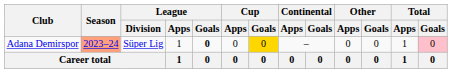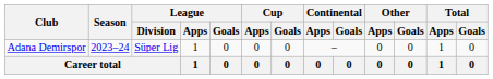 <table class="wikitable" style="text-align:center">
 <tr>
 <th rowspan="2">Club</th>
 <th rowspan="2">Season</th>
 <th colspan="3">League</th>
 <th colspan="2">Cup</th>
 <th colspan="2">Continental</th>
 <th colspan="2">Other</th>
 <th colspan="2">Total</th>
 </tr>
 <tr>
 <th>Division</th>
 <th>Apps</th>
 <th>Goals</th>
 <th>Apps</th>
 <th>Goals</th>
 <th>Apps</th>
 <th>Goals</th>
 <th>Apps</th>
 <th>Goals</th>
 <th>Apps</th>
 <th>Goals</th>
 </tr>
 <tr>
 <td><a href='#'>Adana Demirspor</a></td>
-<td style="background: lightsalmon;"><a href='#'>2023–24</a></td>
+<td><a href='#'>2023–24</a></td>
 <td><a href='#'>Süper Lig</a></td>
 <td>1</td>
-<td><strong>0</strong></td>
 <td>0</td>
-<td style="background: gold;">0</td>
+<td>0</td>
+<td>0</td>
 <td colspan="2">–</td>
 <td>0</td>
 <td>0</td>
 <td>1</td>
-<td style="background: pink;">0</td>
+<td>0</td>
 </tr>
 <tr>
 <th colspan="3">Career total</th>
 <th>1</th>
 <th>0</th>
 <th>0</th>
 <th>0</th>
 <th>0</th>
 <th>0</th>
 <th>0</th>
 <th>0</th>
 <th>1</th>
 <th>0</th>
 </tr>
 </table>
